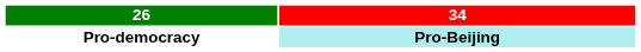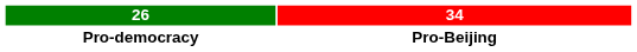 <table style="width:50%; text-align:center;">
 <tr style="color:white;">
 <td style="background:green; width:43.33%;"><strong>26</strong></td>
 <td style="background:red; width:56.67%;"><strong>34</strong></td>
 </tr>
 <tr>
 <td><span><strong>Pro-democracy</strong></span></td>
-<td style="background: paleturquoise;"><span><strong>Pro-Beijing</strong></span></td>
+<td><span><strong>Pro-Beijing</strong></span></td>
 </tr>
 </table>
